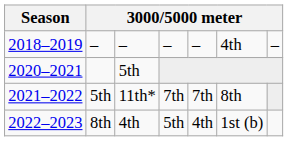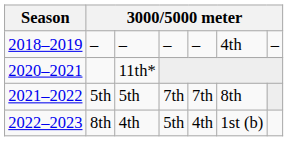 <table class="wikitable" style="display: inline-table;">
 <tr>
 <th>Season</th>
 <th colspan="6">3000/5000 meter</th>
 </tr>
 <tr>
 <td><a href='#'>2018–2019</a></td>
 <td>–</td>
 <td>–</td>
 <td>–</td>
 <td>–</td>
 <td>4th</td>
 <td>–</td>
 </tr>
 <tr>
 <td><a href='#'>2020–2021</a></td>
 <td></td>
-<td>5th</td>
+<td>11th*</td>
 <td colspan="4" bgcolor=#EEEEEE></td>
 </tr>
 <tr>
 <td><a href='#'>2021–2022</a></td>
 <td>5th</td>
-<td>11th*</td>
+<td>5th</td>
 <td>7th</td>
 <td>7th</td>
 <td>8th</td>
 <td colspan="1" bgcolor=#EEEEEE></td>
 </tr>
 <tr>
 <td><a href='#'>2022–2023</a></td>
 <td>8th</td>
 <td>4th</td>
 <td>5th</td>
 <td>4th</td>
 <td>1st (b)</td>
 <td></td>
 </tr>
 </table>
